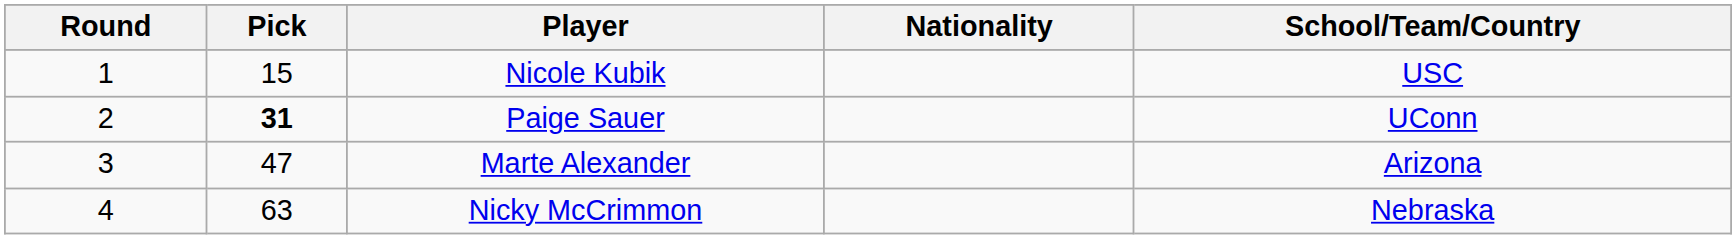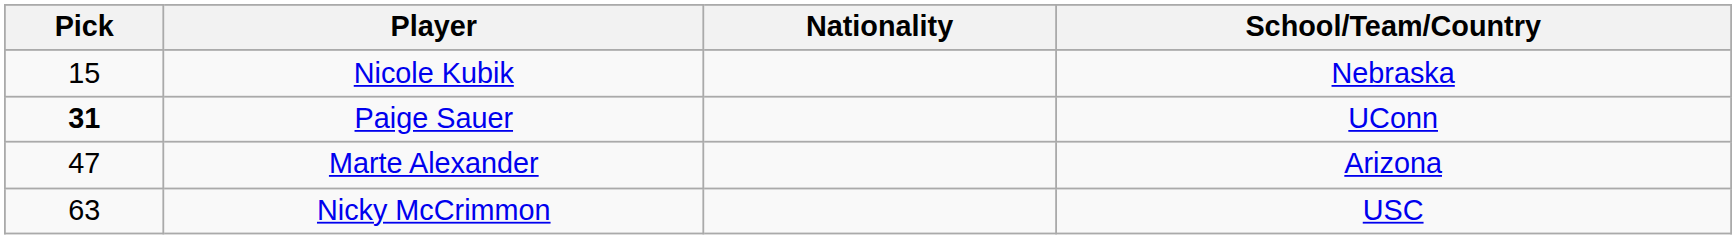 <table class="wikitable" style="text-align:center; width:60em">
 <tr>
-<th>Round</th>
 <th>Pick</th>
 <th>Player</th>
 <th>Nationality</th>
 <th>School/Team/Country</th>
 </tr>
 <tr>
-<td>1</td>
 <td>15</td>
 <td><a href='#'>Nicole Kubik</a></td>
 <td></td>
-<td><a href='#'>USC</a></td>
+<td><a href='#'>Nebraska</a></td>
 </tr>
 <tr>
-<td>2</td>
 <td><strong>31</strong></td>
 <td><a href='#'>Paige Sauer</a></td>
 <td></td>
 <td><a href='#'>UConn</a></td>
 </tr>
 <tr>
-<td>3</td>
 <td>47</td>
 <td><a href='#'>Marte Alexander</a></td>
 <td></td>
 <td><a href='#'>Arizona</a></td>
 </tr>
 <tr>
-<td>4</td>
 <td>63</td>
 <td><a href='#'>Nicky McCrimmon</a></td>
 <td></td>
-<td><a href='#'>Nebraska</a></td>
+<td><a href='#'>USC</a></td>
 </tr>
 </table>
